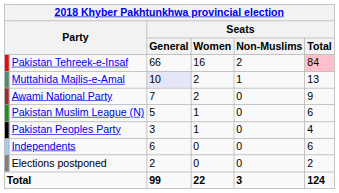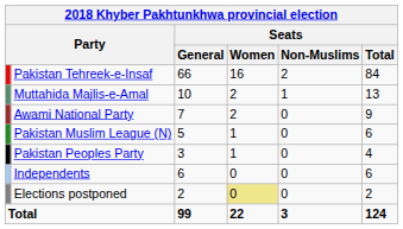 <table class="wikitable">
 <tr>
 <th colspan="8"><a href='#'>2018 Khyber Pakhtunkhwa provincial election</a></th>
 </tr>
 <tr>
 <th colspan="4" rowspan="2">Party</th>
 <th colspan="4">Seats</th>
 </tr>
 <tr>
 <th>General</th>
 <th>Women</th>
 <th>Non-Muslims</th>
 <th>Total</th>
 </tr>
 <tr>
 <td style="color:inherit;background:#e70a0a"></td>
 <td colspan="3"><a href='#'>Pakistan Tehreek-e-Insaf</a></td>
 <td>66</td>
 <td>16</td>
 <td>2</td>
-<td style="background: pink;">84</td>
+<td>84</td>
 </tr>
 <tr>
 <td style="color:inherit;background:#528d6b"></td>
 <td colspan="3"><a href='#'>Muttahida Majlis-e-Amal</a></td>
-<td style="background: lavender;">10</td>
+<td>10</td>
 <td>2</td>
 <td>1</td>
 <td>13</td>
 </tr>
 <tr>
 <td style="color:inherit;background:#9b2b2b"></td>
 <td colspan="3"><a href='#'>Awami National Party</a></td>
 <td>7</td>
 <td>2</td>
 <td>0</td>
 <td>9</td>
 </tr>
 <tr>
 <td style="color:inherit;background:#228b22"></td>
 <td colspan="3"><a href='#'>Pakistan Muslim League (N)</a></td>
 <td>5</td>
 <td>1</td>
 <td>0</td>
 <td>6</td>
 </tr>
 <tr>
 <td style="color:inherit;background:#000000"></td>
 <td colspan="3"><a href='#'>Pakistan Peoples Party</a></td>
 <td>3</td>
 <td>1</td>
 <td>0</td>
 <td>4</td>
 </tr>
 <tr>
 <td style="color:inherit;background:#a6caf0"></td>
 <td colspan="3"><a href='#'>Independents</a></td>
 <td>6</td>
 <td>0</td>
 <td>0</td>
 <td>6</td>
 </tr>
 <tr>
 <td style="color:inherit;background:#7f7f7f"></td>
 <td colspan="3">Elections postponed</td>
 <td>2</td>
-<td>0</td>
+<td style="background: khaki;">0</td>
 <td>0</td>
 <td>2</td>
 </tr>
 <tr>
 <td colspan="4"><strong>Total</strong></td>
 <td><strong>99</strong></td>
 <td><strong>22</strong></td>
 <td><strong>3</strong></td>
 <td><strong>124</strong></td>
 </tr>
 </table>
